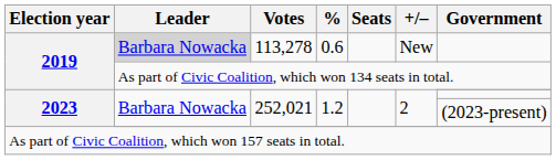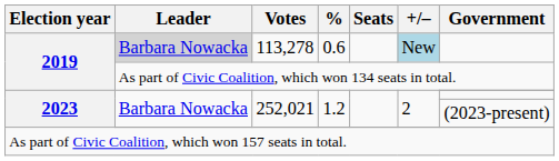 <table class=wikitable>
 <tr>
 <th>Election year</th>
 <th>Leader</th>
 <th>Votes</th>
 <th>%</th>
 <th>Seats</th>
 <th>+/–</th>
 <th>Government</th>
 </tr>
 <tr>
 <th rowspan="2"><a href='#'>2019</a></th>
 <td style="background: lightgrey;"><a href='#'>Barbara Nowacka</a></td>
 <td>113,278</td>
 <td>0.6</td>
 <td></td>
-<td>New</td>
+<td style="background: lightblue;">New</td>
 <td></td>
 </tr>
 <tr>
 <td colspan="7"><small>As part of <a href='#'>Civic Coalition</a>, which won 134 seats in total.</small></td>
 </tr>
 <tr>
 <th rowspan="4"><a href='#'>2023</a></th>
 <td rowspan="3"><a href='#'>Barbara Nowacka</a></td>
 <td rowspan="3">252,021</td>
 <td rowspan="3">1.2</td>
 <td rowspan="3"></td>
 <td rowspan="3"> 2</td>
 </tr>
 <tr>
 <td></td>
 </tr>
 <tr>
 <td> (2023-present)</td>
 </tr>
 <tr>
 </tr>
 <tr>
 <td colspan="7"><small>As part of <a href='#'>Civic Coalition</a>, which won 157 seats in total.</small></td>
 </tr>
 </table>
